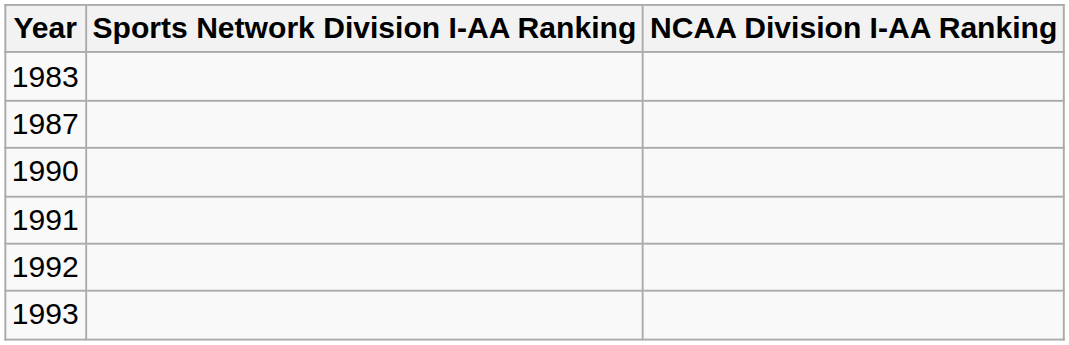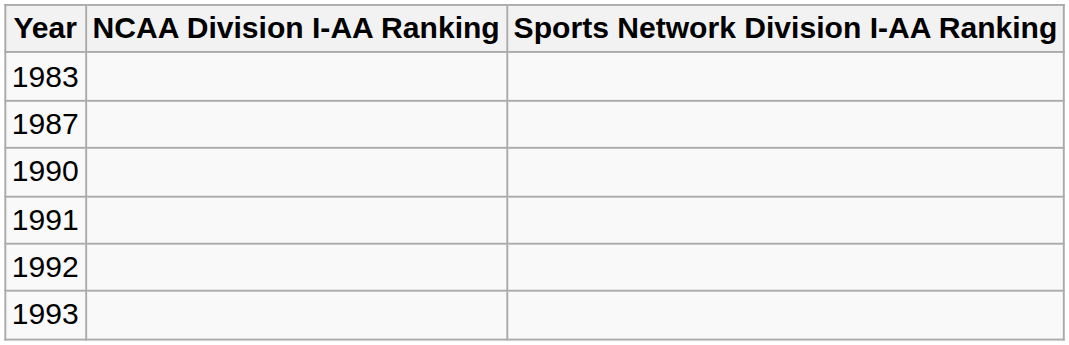 <table style="margin: 1em auto 1em auto" class="wikitable sortable">
 <tr style="text-align:center;">
 <th>Year</th>
+<th>NCAA Division I-AA Ranking</th>
 <th>Sports Network Division I-AA Ranking</th>
-<th>NCAA Division I-AA Ranking</th>
 </tr>
 <tr style="text-align:left;">
 <td>1983</td>
 <td></td>
 <td></td>
 </tr>
 <tr style="text-align:center;">
 <td>1987</td>
 <td></td>
 <td></td>
 </tr>
 <tr style="text-align:center;">
 <td>1990</td>
 <td></td>
 <td></td>
 </tr>
 <tr style="text-align:center;">
 <td>1991</td>
 <td></td>
 <td></td>
 </tr>
 <tr style="text-align:center;">
 <td>1992</td>
 <td></td>
 <td></td>
 </tr>
 <tr style="text-align:center;">
 <td>1993</td>
 <td></td>
 <td></td>
 </tr>
 </table>
